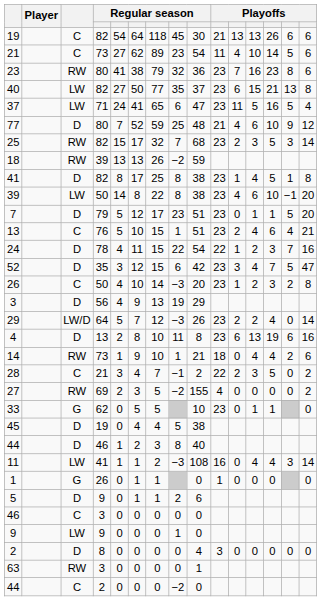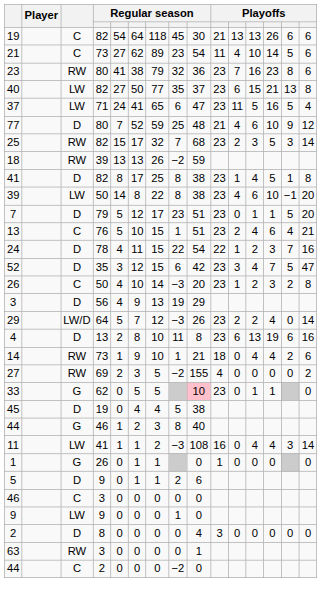 <table class="wikitable sortable plainrowheaders" style="text-align:center;">
 <tr>
 <th scope="col" data-sort-type="number" rowspan="2"></th>
 <th scope="col" rowspan="2">Player</th>
 <th scope="col" rowspan="2"></th>
 <th scope=colgroup colspan=6>Regular season</th>
 <th scope=colgroup colspan=6>Playoffs</th>
 </tr>
 <tr>
 <th scope="col" data-sort-type="number"></th>
 <th scope="col" data-sort-type="number"></th>
 <th scope="col" data-sort-type="number"></th>
 <th scope="col" data-sort-type="number"></th>
 <th scope="col" data-sort-type="number"></th>
 <th scope="col" data-sort-type="number"></th>
 <th scope="col" data-sort-type="number"></th>
 <th scope="col" data-sort-type="number"></th>
 <th scope="col" data-sort-type="number"></th>
 <th scope="col" data-sort-type="number"></th>
 <th scope="col" data-sort-type="number"></th>
 <th scope="col" data-sort-type="number"></th>
 </tr>
 <tr>
 <td scope="row">19</td>
 <td align="left"></td>
 <td>C</td>
 <td>82</td>
 <td>54</td>
 <td>64</td>
 <td>118</td>
 <td>45</td>
 <td>30</td>
 <td>21</td>
 <td>13</td>
 <td>13</td>
 <td>26</td>
 <td>6</td>
 <td>6</td>
 </tr>
 <tr>
 <td scope="row">21</td>
 <td align="left"></td>
 <td>C</td>
 <td>73</td>
 <td>27</td>
 <td>62</td>
 <td>89</td>
 <td>23</td>
 <td>54</td>
 <td>11</td>
 <td>4</td>
 <td>10</td>
 <td>14</td>
 <td>5</td>
 <td>6</td>
 </tr>
 <tr>
 <td scope="row">23</td>
 <td align="left"></td>
 <td>RW</td>
 <td>80</td>
 <td>41</td>
 <td>38</td>
 <td>79</td>
 <td>32</td>
 <td>36</td>
 <td>23</td>
 <td>7</td>
 <td>16</td>
 <td>23</td>
 <td>8</td>
 <td>6</td>
 </tr>
 <tr>
 <td scope="row">40</td>
 <td align="left"></td>
 <td>LW</td>
 <td>82</td>
 <td>27</td>
 <td>50</td>
 <td>77</td>
 <td>35</td>
 <td>37</td>
 <td>23</td>
 <td>6</td>
 <td>15</td>
 <td>21</td>
 <td>13</td>
 <td>8</td>
 </tr>
 <tr>
 <td scope="row">37</td>
 <td align="left"></td>
 <td>LW</td>
 <td>71</td>
 <td>24</td>
 <td>41</td>
 <td>65</td>
 <td>6</td>
 <td>47</td>
 <td>23</td>
 <td>11</td>
 <td>5</td>
 <td>16</td>
 <td>5</td>
 <td>4</td>
 </tr>
 <tr>
 <td scope="row">77</td>
 <td align="left"></td>
 <td>D</td>
 <td>80</td>
 <td>7</td>
 <td>52</td>
 <td>59</td>
 <td>25</td>
 <td>48</td>
 <td>21</td>
 <td>4</td>
 <td>6</td>
 <td>10</td>
 <td>9</td>
 <td>12</td>
 </tr>
 <tr>
 <td scope="row">25</td>
 <td align="left"></td>
 <td>RW</td>
 <td>82</td>
 <td>15</td>
 <td>17</td>
 <td>32</td>
 <td>7</td>
 <td>68</td>
 <td>23</td>
 <td>2</td>
 <td>3</td>
 <td>5</td>
 <td>3</td>
 <td>14</td>
 </tr>
 <tr>
 <td scope="row">18</td>
 <td align="left"></td>
 <td>RW</td>
 <td>39</td>
 <td>13</td>
 <td>13</td>
 <td>26</td>
 <td>−2</td>
 <td>59</td>
 <td></td>
 <td></td>
 <td></td>
 <td></td>
 <td></td>
 <td></td>
 </tr>
 <tr>
 <td scope="row">41</td>
 <td align="left"></td>
 <td>D</td>
 <td>82</td>
 <td>8</td>
 <td>17</td>
 <td>25</td>
 <td>8</td>
 <td>38</td>
 <td>23</td>
 <td>1</td>
 <td>4</td>
 <td>5</td>
 <td>1</td>
 <td>8</td>
 </tr>
 <tr>
 <td scope="row">39</td>
 <td align="left"></td>
 <td>LW</td>
 <td>50</td>
 <td>14</td>
 <td>8</td>
 <td>22</td>
 <td>8</td>
 <td>38</td>
 <td>23</td>
 <td>4</td>
 <td>6</td>
 <td>10</td>
 <td>−1</td>
 <td>20</td>
 </tr>
 <tr>
 <td scope="row">7</td>
 <td align="left"></td>
 <td>D</td>
 <td>79</td>
 <td>5</td>
 <td>12</td>
 <td>17</td>
 <td>23</td>
 <td>51</td>
 <td>23</td>
 <td>0</td>
 <td>1</td>
 <td>1</td>
 <td>5</td>
 <td>20</td>
 </tr>
 <tr>
 <td scope="row">13</td>
 <td align="left"></td>
 <td>C</td>
 <td>76</td>
 <td>5</td>
 <td>10</td>
 <td>15</td>
 <td>1</td>
 <td>51</td>
 <td>23</td>
 <td>2</td>
 <td>4</td>
 <td>6</td>
 <td>4</td>
 <td>21</td>
 </tr>
 <tr>
 <td scope="row">24</td>
 <td align="left"></td>
 <td>D</td>
 <td>78</td>
 <td>4</td>
 <td>11</td>
 <td>15</td>
 <td>22</td>
 <td>54</td>
 <td>22</td>
 <td>1</td>
 <td>2</td>
 <td>3</td>
 <td>7</td>
 <td>16</td>
 </tr>
 <tr>
 <td scope="row">52</td>
 <td align="left"></td>
 <td>D</td>
 <td>35</td>
 <td>3</td>
 <td>12</td>
 <td>15</td>
 <td>6</td>
 <td>42</td>
 <td>23</td>
 <td>3</td>
 <td>4</td>
 <td>7</td>
 <td>5</td>
 <td>47</td>
 </tr>
 <tr>
 <td scope="row">26</td>
 <td align="left"></td>
 <td>C</td>
 <td>50</td>
 <td>4</td>
 <td>10</td>
 <td>14</td>
 <td>−3</td>
 <td>20</td>
 <td>23</td>
 <td>1</td>
 <td>2</td>
 <td>3</td>
 <td>2</td>
 <td>8</td>
 </tr>
 <tr>
 <td scope="row">3</td>
 <td align="left"></td>
 <td>D</td>
 <td>56</td>
 <td>4</td>
 <td>9</td>
 <td>13</td>
 <td>19</td>
 <td>29</td>
 <td></td>
 <td></td>
 <td></td>
 <td></td>
 <td></td>
 <td></td>
 </tr>
 <tr>
 <td scope="row">29</td>
 <td align="left"></td>
 <td>LW/D</td>
 <td>64</td>
 <td>5</td>
 <td>7</td>
 <td>12</td>
 <td>−3</td>
 <td>26</td>
 <td>23</td>
 <td>2</td>
 <td>2</td>
 <td>4</td>
 <td>0</td>
 <td>14</td>
 </tr>
 <tr>
 <td scope="row">4</td>
 <td align="left"></td>
 <td>D</td>
 <td>13</td>
 <td>2</td>
 <td>8</td>
 <td>10</td>
 <td>11</td>
 <td>8</td>
 <td>23</td>
 <td>6</td>
 <td>13</td>
 <td>19</td>
 <td>6</td>
 <td>16</td>
 </tr>
 <tr>
 <td scope="row">14</td>
 <td align="left"></td>
 <td>RW</td>
 <td>73</td>
 <td>1</td>
 <td>9</td>
 <td>10</td>
 <td>1</td>
 <td>21</td>
 <td>18</td>
 <td>0</td>
 <td>4</td>
 <td>4</td>
 <td>2</td>
 <td>6</td>
 </tr>
 <tr>
-<td scope="row">28</td>
-<td align="left"></td>
-<td>C</td>
-<td>21</td>
-<td>3</td>
-<td>4</td>
-<td>7</td>
-<td>−1</td>
-<td>2</td>
-<td>22</td>
-<td>2</td>
-<td>3</td>
-<td>5</td>
-<td>0</td>
-<td>2</td>
-</tr>
-<tr>
 <td scope="row">27</td>
 <td align="left"></td>
 <td>RW</td>
 <td>69</td>
 <td>2</td>
 <td>3</td>
 <td>5</td>
 <td>−2</td>
 <td>155</td>
 <td>4</td>
 <td>0</td>
 <td>0</td>
 <td>0</td>
 <td>0</td>
 <td>2</td>
 </tr>
 <tr>
 <td scope="row">33</td>
 <td align="left"></td>
 <td>G</td>
 <td>62</td>
 <td>0</td>
 <td>5</td>
 <td>5</td>
 <td style="background:#ccc"></td>
-<td>10</td>
+<td style="background: pink;">10</td>
 <td>23</td>
 <td>0</td>
 <td>1</td>
 <td>1</td>
 <td style="background:#ccc"></td>
 <td>0</td>
 </tr>
 <tr>
 <td scope="row">45</td>
 <td align="left"></td>
 <td>D</td>
 <td>19</td>
 <td>0</td>
 <td>4</td>
 <td>4</td>
 <td>5</td>
 <td>38</td>
 <td></td>
 <td></td>
 <td></td>
 <td></td>
 <td></td>
 <td></td>
 </tr>
 <tr>
 <td scope="row">44</td>
 <td align="left"></td>
-<td>D</td>
+<td>G</td>
 <td>46</td>
 <td>1</td>
 <td>2</td>
 <td>3</td>
 <td>8</td>
 <td>40</td>
 <td></td>
 <td></td>
 <td></td>
 <td></td>
 <td></td>
 <td></td>
 </tr>
 <tr>
 <td scope="row">11</td>
 <td align="left"></td>
 <td>LW</td>
 <td>41</td>
 <td>1</td>
 <td>1</td>
 <td>2</td>
 <td>−3</td>
 <td>108</td>
 <td>16</td>
 <td>0</td>
 <td>4</td>
 <td>4</td>
 <td>3</td>
 <td>14</td>
 </tr>
 <tr>
 <td scope="row">1</td>
 <td align="left"></td>
 <td>G</td>
 <td>26</td>
 <td>0</td>
 <td>1</td>
 <td>1</td>
 <td style="background:#ccc"></td>
 <td>0</td>
 <td>1</td>
 <td>0</td>
 <td>0</td>
 <td>0</td>
 <td style="background:#ccc"></td>
 <td>0</td>
 </tr>
 <tr>
 <td scope="row">5</td>
 <td align="left"></td>
 <td>D</td>
 <td>9</td>
 <td>0</td>
 <td>1</td>
 <td>1</td>
 <td>2</td>
 <td>6</td>
 <td></td>
 <td></td>
 <td></td>
 <td></td>
 <td></td>
 <td></td>
 </tr>
 <tr>
 <td scope="row">46</td>
 <td align="left"></td>
 <td>C</td>
 <td>3</td>
 <td>0</td>
 <td>0</td>
 <td>0</td>
 <td>0</td>
 <td>0</td>
 <td></td>
 <td></td>
 <td></td>
 <td></td>
 <td></td>
 <td></td>
 </tr>
 <tr>
 <td scope="row">9</td>
 <td align="left"></td>
 <td>LW</td>
 <td>9</td>
 <td>0</td>
 <td>0</td>
 <td>0</td>
 <td>1</td>
 <td>0</td>
 <td></td>
 <td></td>
 <td></td>
 <td></td>
 <td></td>
 <td></td>
 </tr>
 <tr>
 <td scope="row">2</td>
 <td align="left"></td>
 <td>D</td>
 <td>8</td>
 <td>0</td>
 <td>0</td>
 <td>0</td>
 <td>0</td>
 <td>4</td>
 <td>3</td>
 <td>0</td>
 <td>0</td>
 <td>0</td>
 <td>0</td>
 <td>0</td>
 </tr>
 <tr>
 <td scope="row">63</td>
 <td align="left"></td>
 <td>RW</td>
 <td>3</td>
 <td>0</td>
 <td>0</td>
 <td>0</td>
 <td>0</td>
 <td>1</td>
 <td></td>
 <td></td>
 <td></td>
 <td></td>
 <td></td>
 <td></td>
 </tr>
 <tr>
 <td scope="row">44</td>
 <td align="left"></td>
 <td>C</td>
 <td>2</td>
 <td>0</td>
 <td>0</td>
 <td>0</td>
 <td>−2</td>
 <td>0</td>
 <td></td>
 <td></td>
 <td></td>
 <td></td>
 <td></td>
 <td></td>
 </tr>
 </table>
